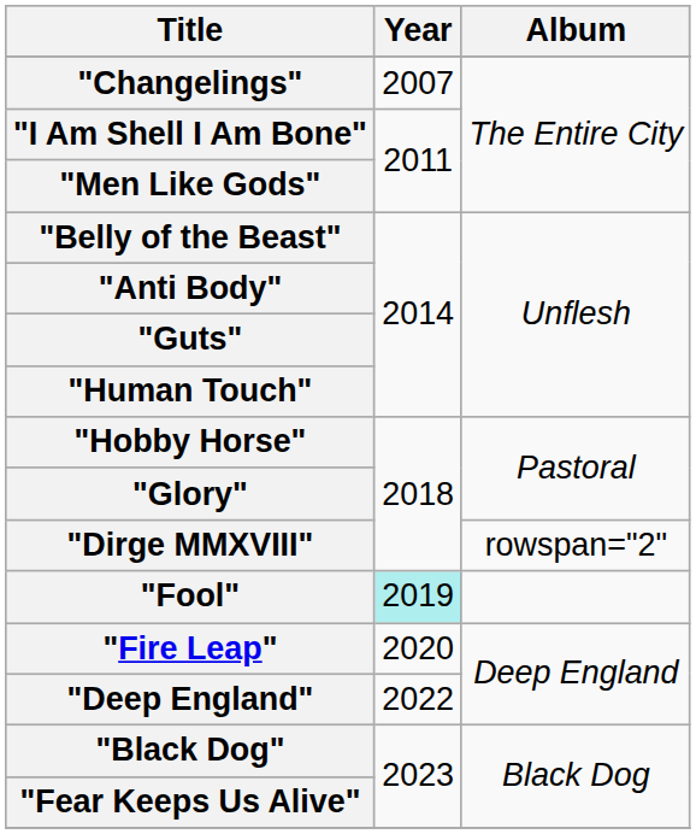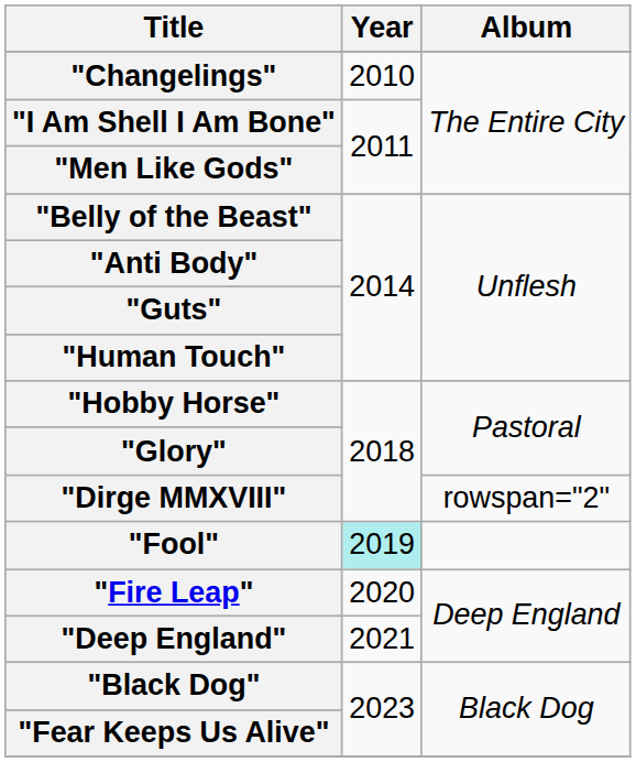 <table class="wikitable plainrowheaders" style="text-align:center">
 <tr>
 <th scope="col">Title</th>
 <th scope="col">Year</th>
 <th scope="col">Album</th>
 </tr>
 <tr>
 </tr>
 <tr>
 <th scope="row">"Changelings"</th>
-<td>2007</td>
+<td>2010</td>
 <td rowspan="3"><em>The Entire City</em></td>
 </tr>
 <tr>
 <th scope="row">"I Am Shell I Am Bone"</th>
 <td rowspan="2">2011</td>
 </tr>
 <tr>
 <th scope="row">"Men Like Gods"</th>
 </tr>
 <tr>
 <th scope="row">"Belly of the Beast"</th>
 <td rowspan="4">2014</td>
 <td rowspan="4"><em>Unflesh</em></td>
 </tr>
 <tr>
 <th scope="row">"Anti Body"</th>
 </tr>
 <tr>
 <th scope="row">"Guts"</th>
 </tr>
 <tr>
 <th scope="row">"Human Touch"</th>
 </tr>
 <tr>
 <th scope="row">"Hobby Horse"</th>
 <td rowspan="3">2018</td>
 <td rowspan="2"><em>Pastoral</em></td>
 </tr>
 <tr>
 <th scope="row">"Glory"</th>
 </tr>
 <tr>
 <th scope="row">"Dirge MMXVIII"</th>
 <td>rowspan="2" </td>
 </tr>
 <tr>
 <th scope="row">"Fool"</th>
 <td rowspan="1" style="background: paleturquoise;">2019</td>
 </tr>
 <tr>
 <th scope="row">"<a href='#'>Fire Leap</a>"</th>
 <td rowspan="1">2020</td>
 <td rowspan="2"><em>Deep England</em></td>
 </tr>
 <tr>
 <th scope="row">"Deep England"</th>
-<td rowspan="1">2022</td>
+<td rowspan="1">2021</td>
 </tr>
 <tr>
 <th scope="row">"Black Dog"</th>
 <td rowspan="2">2023</td>
 <td rowspan="2"><em>Black Dog</em></td>
 </tr>
 <tr>
 <th scope="row">"Fear Keeps Us Alive"</th>
 </tr>
 <tr>
 </tr>
 </table>
